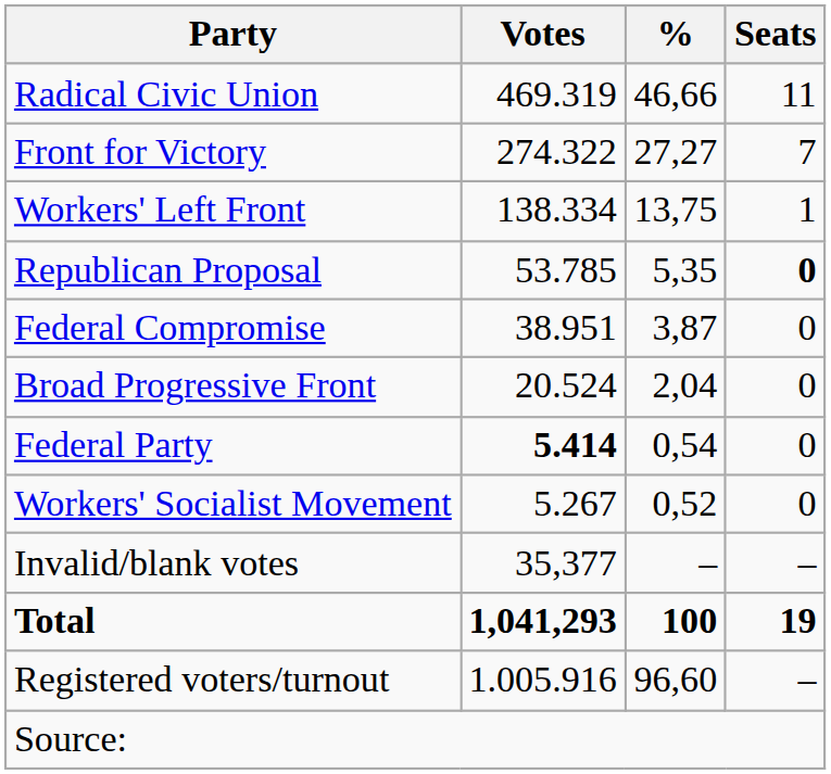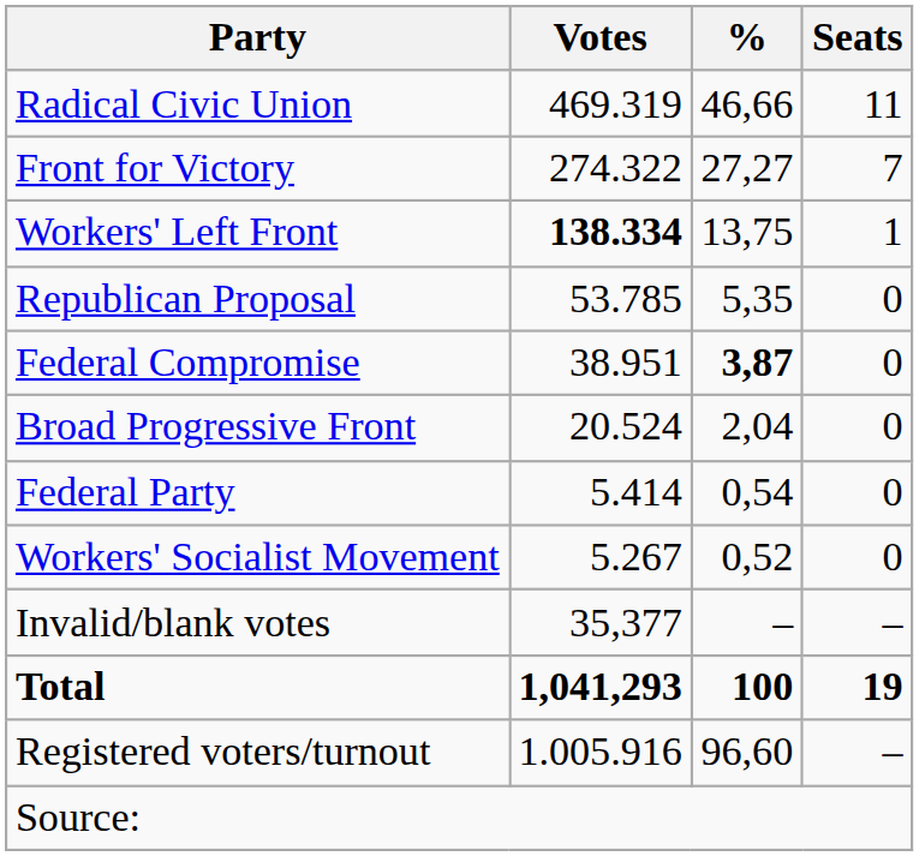 <table class=wikitable style=text-align:right>
 <tr>
 <th>Party</th>
 <th>Votes</th>
 <th>%</th>
 <th>Seats</th>
 </tr>
 <tr>
 <td align=left><a href='#'>Radical Civic Union</a></td>
 <td>469.319</td>
 <td>46,66</td>
 <td>11</td>
 </tr>
 <tr>
 <td align=left><a href='#'>Front for Victory</a></td>
 <td>274.322</td>
 <td>27,27</td>
 <td>7</td>
 </tr>
 <tr>
 <td align=left><a href='#'>Workers' Left Front</a></td>
-<td>138.334</td>
+<td><strong>138.334</strong></td>
 <td>13,75</td>
 <td>1</td>
 </tr>
 <tr>
 <td align=left><a href='#'>Republican Proposal</a></td>
 <td>53.785</td>
 <td>5,35</td>
-<td><strong>0</strong></td>
+<td>0</td>
 </tr>
 <tr>
 <td align=left><a href='#'>Federal Compromise</a></td>
 <td>38.951</td>
-<td>3,87</td>
+<td><strong>3,87</strong></td>
 <td>0</td>
 </tr>
 <tr>
 <td align=left><a href='#'>Broad Progressive Front</a></td>
 <td>20.524</td>
 <td>2,04</td>
 <td>0</td>
 </tr>
 <tr>
 <td align=left><a href='#'>Federal Party</a></td>
-<td><strong>5.414</strong></td>
+<td>5.414</td>
 <td>0,54</td>
 <td>0</td>
 </tr>
 <tr>
 <td align=left><a href='#'>Workers' Socialist Movement</a></td>
 <td>5.267</td>
 <td>0,52</td>
 <td>0</td>
 </tr>
 <tr>
 <td align=left>Invalid/blank votes</td>
 <td>35,377</td>
 <td>–</td>
 <td>–</td>
 </tr>
 <tr>
 <td align=left><strong>Total</strong></td>
 <td><strong>1,041,293</strong></td>
 <td><strong>100</strong></td>
 <td><strong>19</strong></td>
 </tr>
 <tr>
 <td align=left>Registered voters/turnout</td>
 <td>1.005.916</td>
 <td>96,60</td>
 <td>–</td>
 </tr>
 <tr>
 <td align=left colspan=5>Source: </td>
 </tr>
 </table>
